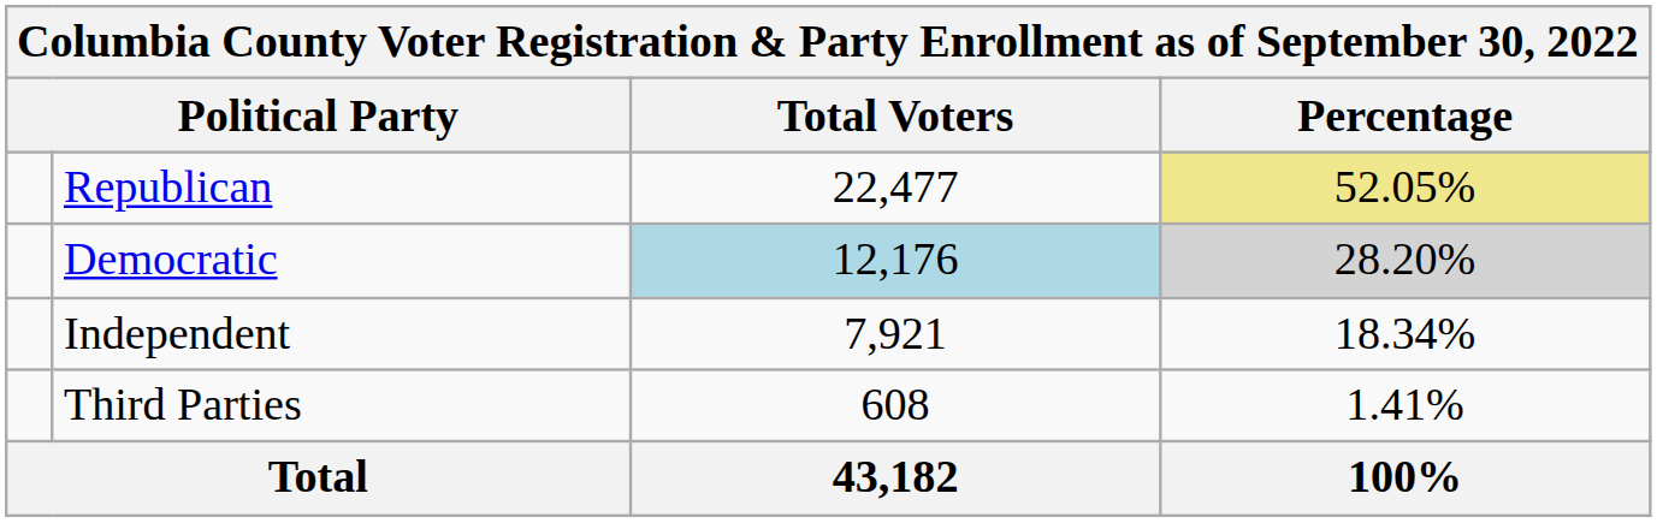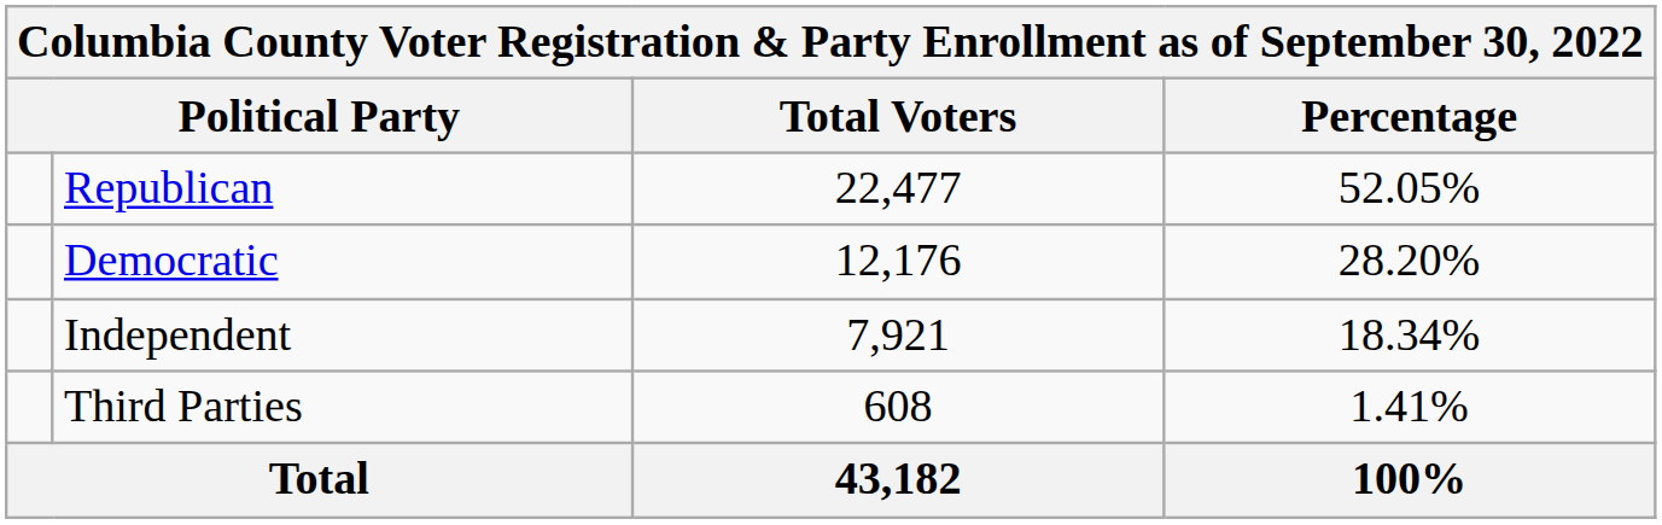 <table class=wikitable>
 <tr>
 <th colspan = 6>Columbia County Voter Registration & Party Enrollment as of September 30, 2022</th>
 </tr>
 <tr>
 <th colspan = 2>Political Party</th>
 <th>Total Voters</th>
 <th>Percentage</th>
 </tr>
 <tr>
 <td></td>
 <td><a href='#'>Republican</a></td>
 <td align = center>22,477</td>
-<td align = center style="background: khaki;">52.05%</td>
+<td align = center>52.05%</td>
 </tr>
 <tr>
 <td></td>
 <td><a href='#'>Democratic</a></td>
-<td align = center style="background: lightblue;">12,176</td>
-<td align = center style="background: lightgrey;">28.20%</td>
+<td align = center>12,176</td>
+<td align = center>28.20%</td>
 </tr>
 <tr>
 <td></td>
 <td>Independent</td>
 <td align = center>7,921</td>
 <td align = center>18.34%</td>
 </tr>
 <tr>
 <td></td>
 <td>Third Parties</td>
 <td align = center>608</td>
 <td align = center>1.41%</td>
 </tr>
 <tr>
 <th colspan = 2>Total</th>
 <th align = center>43,182</th>
 <th align = center>100%</th>
 </tr>
 </table>
